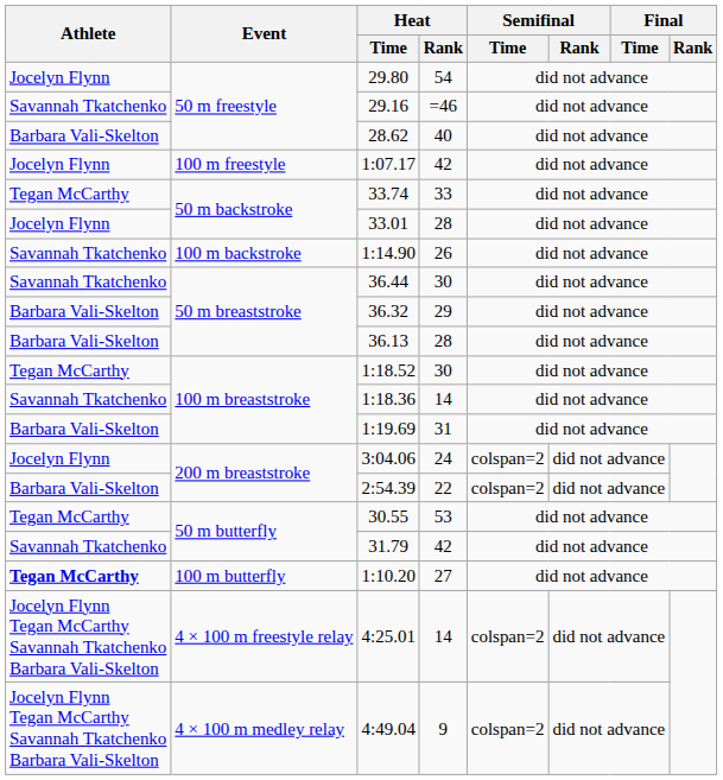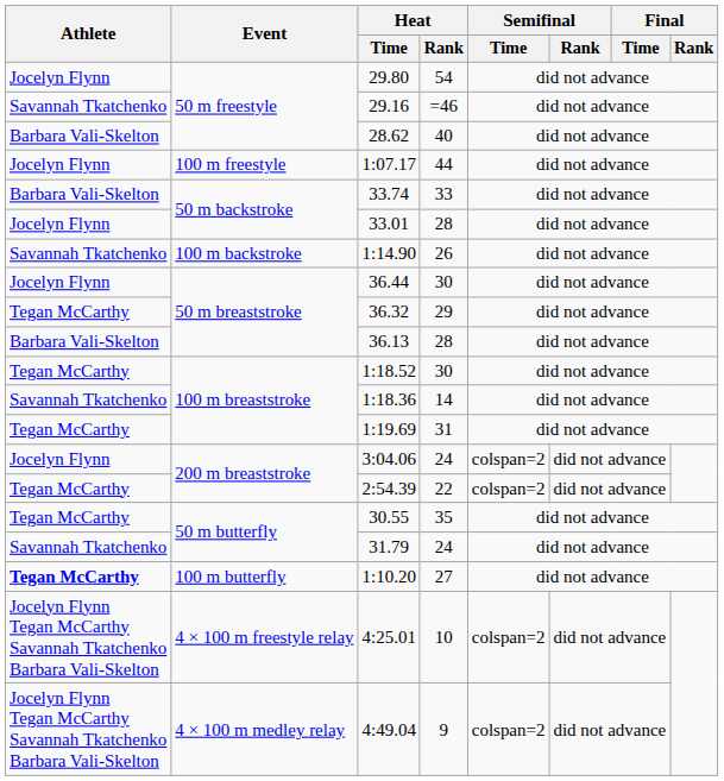 <table class=wikitable style=font-size:90%>
 <tr>
 <th rowspan=2>Athlete</th>
 <th rowspan=2>Event</th>
 <th colspan=2>Heat</th>
 <th colspan=2>Semifinal</th>
 <th colspan=2>Final</th>
 </tr>
 <tr style=font-size:95%>
 <th>Time</th>
 <th>Rank</th>
 <th>Time</th>
 <th>Rank</th>
 <th>Time</th>
 <th>Rank</th>
 </tr>
 <tr align=center>
 <td align=left><a href='#'>Jocelyn Flynn</a></td>
 <td align=left rowspan=3><a href='#'>50 m freestyle</a></td>
 <td>29.80</td>
 <td>54</td>
 <td colspan=4>did not advance</td>
 </tr>
 <tr align=center>
 <td align=left><a href='#'>Savannah Tkatchenko</a></td>
 <td>29.16</td>
 <td>=46</td>
 <td colspan=4>did not advance</td>
 </tr>
 <tr align=center>
 <td align=left><a href='#'>Barbara Vali-Skelton</a></td>
 <td>28.62</td>
 <td>40</td>
 <td colspan=4>did not advance</td>
 </tr>
 <tr align=center>
 <td align=left><a href='#'>Jocelyn Flynn</a></td>
 <td align=left><a href='#'>100 m freestyle</a></td>
 <td>1:07.17</td>
-<td>42</td>
+<td>44</td>
 <td colspan=4>did not advance</td>
 </tr>
 <tr align=center>
-<td align=left><a href='#'>Tegan McCarthy</a></td>
+<td align=left><a href='#'>Barbara Vali-Skelton</a></td>
 <td align=left rowspan=2><a href='#'>50 m backstroke</a></td>
 <td>33.74</td>
 <td>33</td>
 <td colspan=4>did not advance</td>
 </tr>
 <tr align=center>
 <td align=left><a href='#'>Jocelyn Flynn</a></td>
 <td>33.01</td>
 <td>28</td>
 <td colspan=4>did not advance</td>
 </tr>
 <tr align=center>
 <td align=left><a href='#'>Savannah Tkatchenko</a></td>
 <td align=left><a href='#'>100 m backstroke</a></td>
 <td>1:14.90</td>
 <td>26</td>
 <td colspan=4>did not advance</td>
 </tr>
 <tr align=center>
-<td align=left><a href='#'>Savannah Tkatchenko</a></td>
+<td align=left><a href='#'>Jocelyn Flynn</a></td>
 <td align=left rowspan=3><a href='#'>50 m breaststroke</a></td>
 <td>36.44</td>
 <td>30</td>
 <td colspan=4>did not advance</td>
 </tr>
 <tr align=center>
-<td align=left><a href='#'>Barbara Vali-Skelton</a></td>
+<td align=left><a href='#'>Tegan McCarthy</a></td>
 <td>36.32</td>
 <td>29</td>
 <td colspan=4>did not advance</td>
 </tr>
 <tr align=center>
 <td align=left><a href='#'>Barbara Vali-Skelton</a></td>
 <td>36.13</td>
 <td>28</td>
 <td colspan=4>did not advance</td>
 </tr>
 <tr align=center>
 <td align=left><a href='#'>Tegan McCarthy</a></td>
 <td align=left rowspan=3><a href='#'>100 m breaststroke</a></td>
 <td>1:18.52</td>
 <td>30</td>
 <td colspan=4>did not advance</td>
 </tr>
 <tr align=center>
 <td align=left><a href='#'>Savannah Tkatchenko</a></td>
 <td>1:18.36</td>
 <td>14</td>
 <td colspan=4>did not advance</td>
 </tr>
 <tr align=center>
-<td align=left><a href='#'>Barbara Vali-Skelton</a></td>
+<td align=left><a href='#'>Tegan McCarthy</a></td>
 <td>1:19.69</td>
 <td>31</td>
 <td colspan=4>did not advance</td>
 </tr>
 <tr align=center>
 <td align=left><a href='#'>Jocelyn Flynn</a></td>
 <td align=left rowspan=2><a href='#'>200 m breaststroke</a></td>
 <td>3:04.06</td>
 <td>24</td>
 <td>colspan=2 </td>
 <td colspan=2>did not advance</td>
 </tr>
 <tr align=center>
-<td align=left><a href='#'>Barbara Vali-Skelton</a></td>
+<td align=left><a href='#'>Tegan McCarthy</a></td>
 <td>2:54.39</td>
 <td>22</td>
 <td>colspan=2 </td>
 <td colspan=2>did not advance</td>
 </tr>
 <tr align=center>
 <td align=left><a href='#'>Tegan McCarthy</a></td>
 <td align=left rowspan=2><a href='#'>50 m butterfly</a></td>
 <td>30.55</td>
-<td>53</td>
+<td>35</td>
 <td colspan=4>did not advance</td>
 </tr>
 <tr align=center>
 <td align=left><a href='#'>Savannah Tkatchenko</a></td>
 <td>31.79</td>
-<td>42</td>
+<td>24</td>
 <td colspan=4>did not advance</td>
 </tr>
 <tr align=center>
 <td align=left><strong><a href='#'>Tegan McCarthy</a></strong></td>
 <td align=left><a href='#'>100 m butterfly</a></td>
 <td>1:10.20</td>
 <td>27</td>
 <td colspan=4>did not advance</td>
 </tr>
 <tr align=center>
 <td align=left><a href='#'>Jocelyn Flynn</a><br><a href='#'>Tegan McCarthy</a><br><a href='#'>Savannah Tkatchenko</a><br><a href='#'>Barbara Vali-Skelton</a></td>
 <td align=left><a href='#'>4 × 100 m freestyle relay</a></td>
 <td>4:25.01</td>
-<td>14</td>
+<td>10</td>
 <td>colspan=2 </td>
 <td colspan=2>did not advance</td>
 </tr>
 <tr align=center>
 <td align=left><a href='#'>Jocelyn Flynn</a><br><a href='#'>Tegan McCarthy</a><br><a href='#'>Savannah Tkatchenko</a><br><a href='#'>Barbara Vali-Skelton</a></td>
 <td align=left><a href='#'>4 × 100 m medley relay</a></td>
 <td>4:49.04</td>
 <td>9</td>
 <td>colspan=2 </td>
 <td colspan=2>did not advance</td>
 </tr>
 </table>
